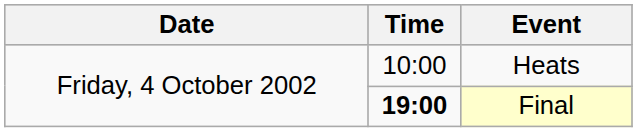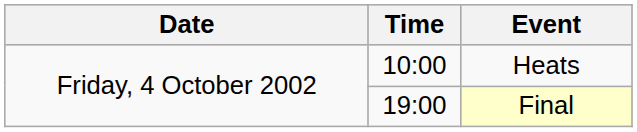 <table class = "wikitable" style="text-align:center;">
 <tr>
 <th width=220>Date</th>
 <th width=50>Time</th>
 <th width=100>Event</th>
 </tr>
 <tr>
 <td rowspan=2>Friday, 4 October 2002</td>
 <td>10:00</td>
 <td>Heats</td>
 </tr>
 <tr>
-<td><strong>19:00</strong></td>
+<td>19:00</td>
 <td bgcolor=ffffcc>Final</td>
 </tr>
 </table>
